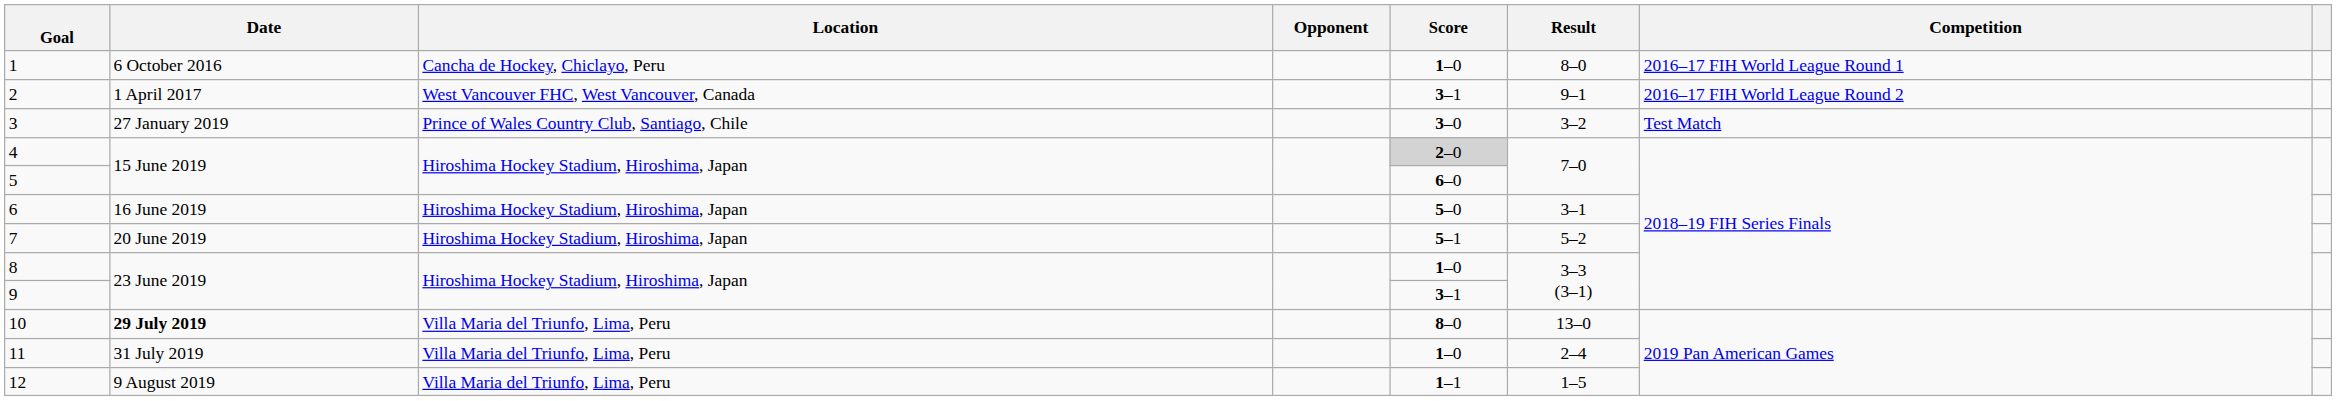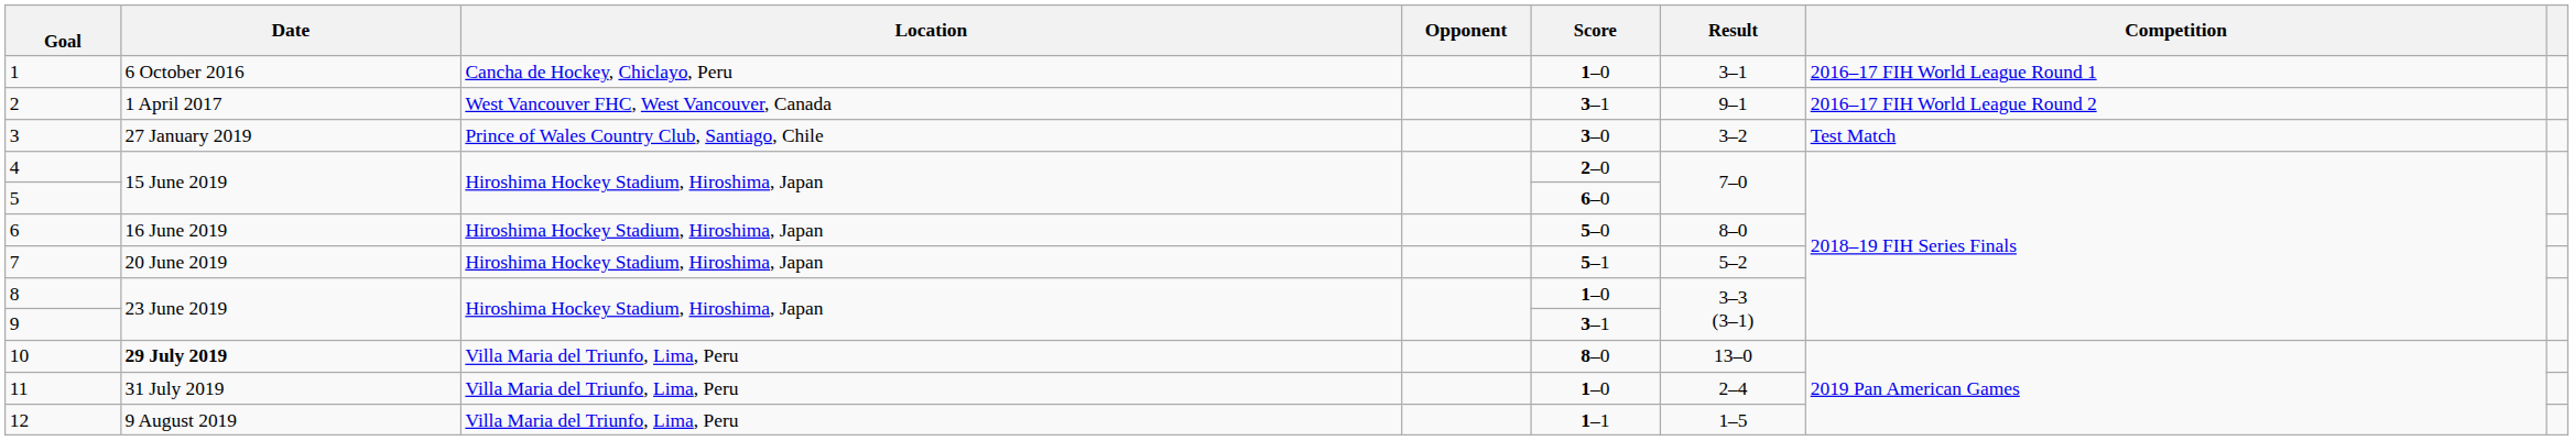 <table class="wikitable sortable" style="font-size:90%" width=97%>
 <tr>
 <th style="font-size:95%;" data-sort-type=number><br>Goal</th>
 <th align=center>Date</th>
 <th>Location</th>
 <th width=90>Opponent</th>
 <th data-sort-type="number" style="font-size:95%">Score</th>
 <th data-sort-type="number" style="font-size:95%">Result</th>
 <th>Competition</th>
 <th></th>
 </tr>
 <tr>
 <td>1</td>
 <td>6 October 2016</td>
 <td><a href='#'>Cancha de Hockey</a>, <a href='#'>Chiclayo</a>, Peru</td>
 <td></td>
 <td align="center"><strong>1</strong>–0</td>
-<td align="center">8–0</td>
+<td align="center">3–1</td>
 <td><a href='#'>2016–17 FIH World League Round 1</a></td>
 <td></td>
 </tr>
 <tr>
 <td>2</td>
 <td>1 April 2017</td>
 <td><a href='#'>West Vancouver FHC</a>, <a href='#'>West Vancouver</a>, Canada</td>
 <td></td>
 <td align="center"><strong>3</strong>–1</td>
 <td align="center">9–1</td>
 <td><a href='#'>2016–17 FIH World League Round 2</a></td>
 <td></td>
 </tr>
 <tr>
 <td>3</td>
 <td>27 January 2019</td>
 <td><a href='#'>Prince of Wales Country Club</a>, <a href='#'>Santiago</a>, Chile</td>
 <td></td>
 <td align="center"><strong>3</strong>–0</td>
 <td align="center">3–2</td>
 <td><a href='#'>Test Match</a></td>
 <td></td>
 </tr>
 <tr>
 <td>4</td>
 <td rowspan=2>15 June 2019</td>
 <td rowspan=2><a href='#'>Hiroshima Hockey Stadium</a>, <a href='#'>Hiroshima</a>, Japan</td>
 <td rowspan=2></td>
-<td align="center" style="background: lightgrey;"><strong>2</strong>–0</td>
+<td align="center"><strong>2</strong>–0</td>
 <td rowspan=2; align=center>7–0</td>
 <td rowspan=6><a href='#'>2018–19 FIH Series Finals</a></td>
 <td rowspan=2></td>
 </tr>
 <tr>
 <td>5</td>
 <td align="center"><strong>6</strong>–0</td>
 </tr>
 <tr>
 <td>6</td>
 <td>16 June 2019</td>
 <td><a href='#'>Hiroshima Hockey Stadium</a>, <a href='#'>Hiroshima</a>, Japan</td>
 <td></td>
 <td align="center"><strong>5</strong>–0</td>
-<td align="center">3–1</td>
+<td align="center">8–0</td>
 <td></td>
 </tr>
 <tr>
 <td>7</td>
 <td>20 June 2019</td>
 <td><a href='#'>Hiroshima Hockey Stadium</a>, <a href='#'>Hiroshima</a>, Japan</td>
 <td></td>
 <td align="center"><strong>5</strong>–1</td>
 <td align="center">5–2</td>
 <td></td>
 </tr>
 <tr>
 <td>8</td>
 <td rowspan=2>23 June 2019</td>
 <td rowspan=2><a href='#'>Hiroshima Hockey Stadium</a>, <a href='#'>Hiroshima</a>, Japan</td>
 <td rowspan=2></td>
 <td align="center"><strong>1</strong>–0</td>
 <td rowspan=2; align=center>3–3<br>(3–1)</td>
 <td rowspan=2></td>
 </tr>
 <tr>
 <td>9</td>
 <td align="center"><strong>3</strong>–1</td>
 </tr>
 <tr>
 <td>10</td>
 <td><strong>29 July 2019</strong></td>
 <td><a href='#'>Villa Maria del Triunfo</a>, <a href='#'>Lima</a>, Peru</td>
 <td></td>
 <td align="center"><strong>8</strong>–0</td>
 <td align="center">13–0</td>
 <td rowspan=6><a href='#'>2019 Pan American Games</a></td>
 <td></td>
 </tr>
 <tr>
 <td>11</td>
 <td>31 July 2019</td>
 <td><a href='#'>Villa Maria del Triunfo</a>, <a href='#'>Lima</a>, Peru</td>
 <td></td>
 <td align="center"><strong>1</strong>–0</td>
 <td align="center">2–4</td>
 <td></td>
 </tr>
 <tr>
 <td>12</td>
 <td>9 August 2019</td>
 <td><a href='#'>Villa Maria del Triunfo</a>, <a href='#'>Lima</a>, Peru</td>
 <td></td>
 <td align="center"><strong>1</strong>–1</td>
 <td align="center">1–5</td>
 <td></td>
 </tr>
 </table>
